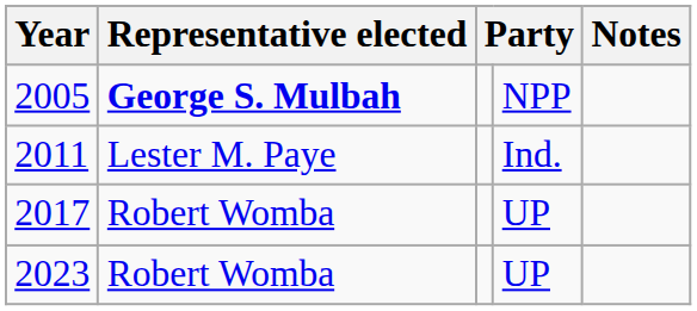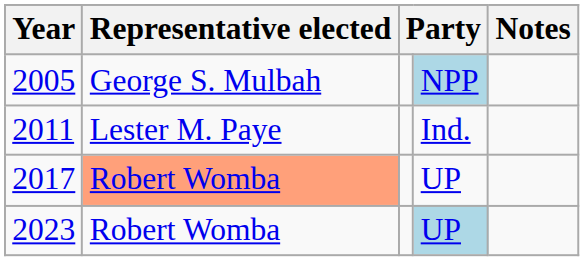 <table class="wikitable">
 <tr>
 <th>Year</th>
 <th>Representative elected</th>
 <th colspan=2>Party</th>
 <th>Notes</th>
 </tr>
 <tr>
 <td><a href='#'>2005</a></td>
-<td><strong><a href='#'>George S. Mulbah</a></strong></td>
+<td><a href='#'>George S. Mulbah</a></td>
 <td></td>
-<td><a href='#'>NPP</a></td>
+<td style="background: lightblue;"><a href='#'>NPP</a></td>
 <td></td>
 </tr>
 <tr>
 <td><a href='#'>2011</a></td>
 <td><a href='#'>Lester M. Paye</a></td>
 <td></td>
 <td><a href='#'>Ind.</a></td>
 <td></td>
 </tr>
 <tr>
 <td><a href='#'>2017</a></td>
-<td><a href='#'>Robert Womba</a></td>
+<td style="background: lightsalmon;"><a href='#'>Robert Womba</a></td>
 <td></td>
 <td><a href='#'>UP</a></td>
 <td></td>
 </tr>
 <tr>
 <td><a href='#'>2023</a></td>
 <td><a href='#'>Robert Womba</a></td>
 <td></td>
-<td><a href='#'>UP</a></td>
+<td style="background: lightblue;"><a href='#'>UP</a></td>
 <td></td>
 </tr>
 </table>
